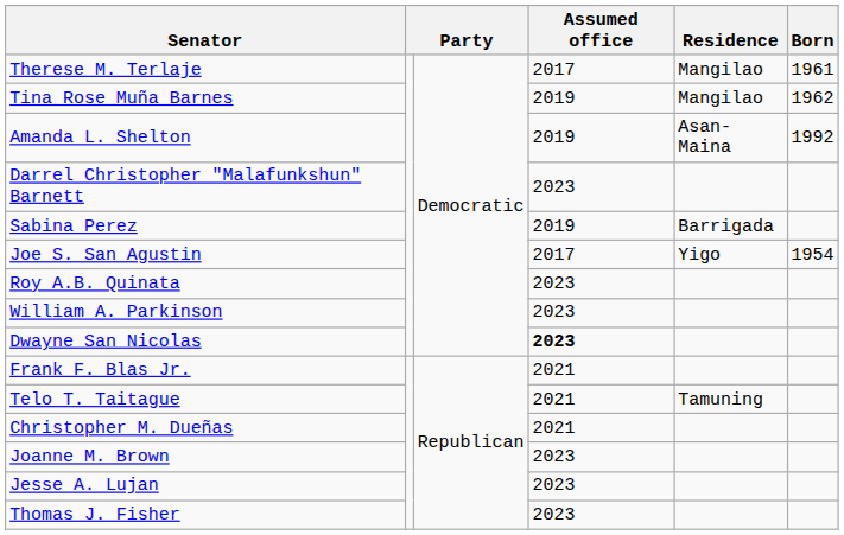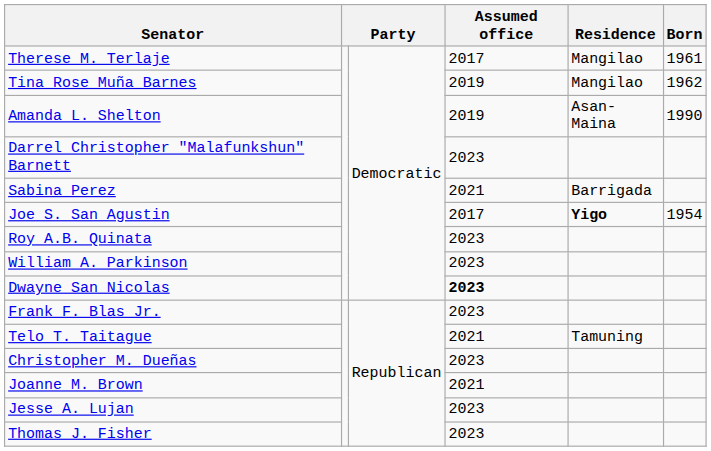 <table class="wikitable sortable" id="votingmembers">
 <tr style="vertical-align:bottom;">
 <th>Senator</th>
 <th colspan=2>Party</th>
 <th>Assumed office</th>
 <th>Residence</th>
 <th>Born</th>
 </tr>
 <tr>
 <td><a href='#'>Therese M. Terlaje</a></td>
 <td rowspan="9" style="background-color:"></td>
 <td rowspan="9">Democratic</td>
 <td>2017</td>
 <td>Mangilao</td>
 <td>1961</td>
 </tr>
 <tr>
 <td><a href='#'>Tina Rose Muña Barnes</a></td>
 <td>2019</td>
 <td>Mangilao</td>
 <td>1962</td>
 </tr>
 <tr>
 <td><a href='#'>Amanda L. Shelton</a></td>
 <td>2019</td>
 <td>Asan-Maina</td>
-<td>1992</td>
+<td>1990</td>
 </tr>
 <tr>
 <td><a href='#'>Darrel Christopher "Malafunkshun" Barnett</a></td>
 <td>2023</td>
 <td></td>
 <td></td>
 </tr>
 <tr>
 <td><a href='#'>Sabina Perez</a></td>
-<td>2019</td>
+<td>2021</td>
 <td>Barrigada</td>
 <td></td>
 </tr>
 <tr>
 <td><a href='#'>Joe S. San Agustin</a></td>
 <td>2017</td>
-<td>Yigo</td>
+<td><strong>Yigo</strong></td>
 <td>1954</td>
 </tr>
 <tr>
 <td><a href='#'>Roy A.B. Quinata</a></td>
 <td>2023</td>
 <td></td>
 <td></td>
 </tr>
 <tr>
 <td><a href='#'>William A. Parkinson</a></td>
 <td>2023</td>
 <td></td>
 <td></td>
 </tr>
 <tr>
 <td><a href='#'>Dwayne San Nicolas</a></td>
 <td><strong>2023</strong></td>
 <td></td>
 <td></td>
 </tr>
 <tr>
 <td><a href='#'>Frank F. Blas Jr.</a></td>
 <td rowspan="6" style="background-color:"></td>
 <td rowspan="6">Republican</td>
-<td>2021</td>
+<td>2023</td>
 <td></td>
 <td></td>
 </tr>
 <tr>
 <td><a href='#'>Telo T. Taitague</a></td>
 <td>2021</td>
 <td>Tamuning</td>
 <td></td>
 </tr>
 <tr>
 <td><a href='#'>Christopher M. Dueñas</a></td>
-<td>2021</td>
+<td>2023</td>
 <td></td>
 <td></td>
 </tr>
 <tr>
 <td><a href='#'>Joanne M. Brown</a></td>
-<td>2023</td>
+<td>2021</td>
 <td></td>
 <td></td>
 </tr>
 <tr>
 <td><a href='#'>Jesse A. Lujan</a></td>
 <td>2023</td>
 <td></td>
 <td></td>
 </tr>
 <tr>
 <td><a href='#'>Thomas J. Fisher</a></td>
 <td>2023</td>
 <td></td>
 <td></td>
 </tr>
 </table>
